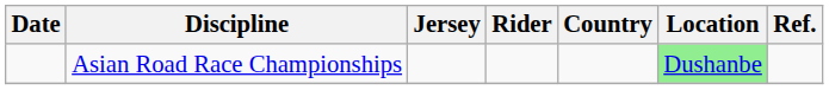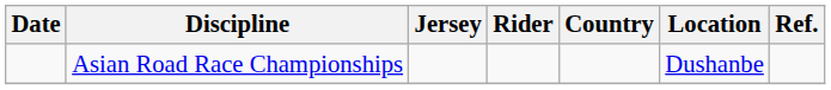 <table class="wikitable sortable">
 <tr>
 <th>Date</th>
 <th>Discipline</th>
 <th>Jersey</th>
 <th>Rider</th>
 <th>Country</th>
 <th>Location</th>
 <th class="unsortable">Ref.</th>
 </tr>
 <tr>
 <td></td>
 <td><a href='#'>Asian Road Race Championships</a></td>
 <td align="center"></td>
 <td></td>
 <td></td>
-<td style="background: lightgreen;"><a href='#'>Dushanbe</a></td>
+<td><a href='#'>Dushanbe</a></td>
 <td align="center"></td>
 </tr>
 <tr>
 </tr>
 </table>
